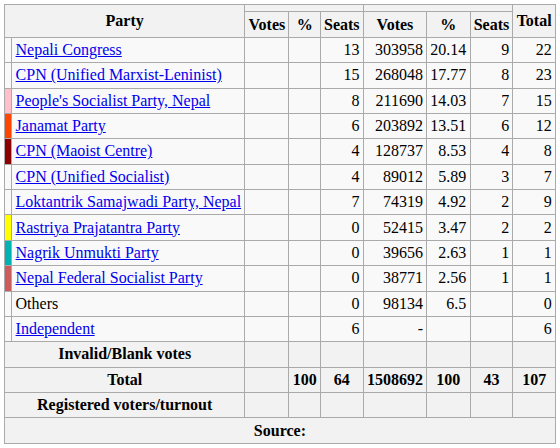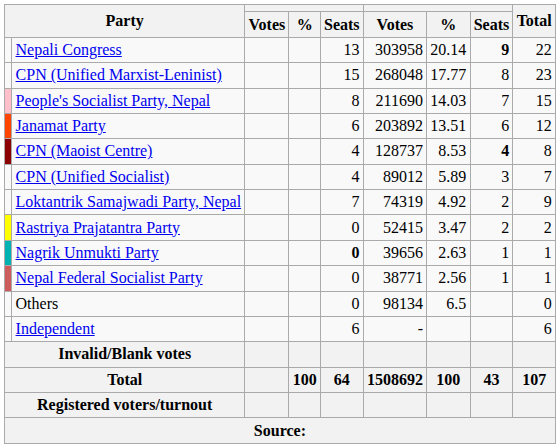 <table class="wikitable" style="text-align:right">
 <tr>
 <th colspan="2" rowspan="2">Party</th>
 <th colspan="3"></th>
 <th colspan="3"></th>
 <th rowspan="2">Total</th>
 </tr>
 <tr>
 <th>Votes</th>
 <th>%</th>
 <th>Seats</th>
 <th>Votes</th>
 <th>%</th>
 <th>Seats</th>
 </tr>
 <tr>
 <td></td>
 <td align="left"><a href='#'>Nepali Congress</a></td>
 <td></td>
 <td></td>
 <td>13</td>
 <td>303958</td>
 <td>20.14</td>
-<td>9</td>
+<td><strong>9</strong></td>
 <td>22</td>
 </tr>
 <tr>
 <td></td>
 <td align="left"><a href='#'>CPN (Unified Marxist-Leninist)</a></td>
 <td></td>
 <td></td>
 <td>15</td>
 <td>268048</td>
 <td>17.77</td>
 <td>8</td>
 <td>23</td>
 </tr>
 <tr>
 <td bgcolor="FFC0CB"></td>
 <td align="left"><a href='#'>People's Socialist Party, Nepal</a></td>
 <td></td>
 <td></td>
 <td>8</td>
 <td>211690</td>
 <td>14.03</td>
 <td>7</td>
 <td>15</td>
 </tr>
 <tr>
 <td bgcolor="orangered"></td>
 <td align="left"><a href='#'>Janamat Party</a></td>
 <td></td>
 <td></td>
 <td>6</td>
 <td>203892</td>
 <td>13.51</td>
 <td>6</td>
 <td>12</td>
 </tr>
 <tr>
 <td bgcolor="8B0000"></td>
 <td align="left"><a href='#'>CPN (Maoist Centre)</a></td>
 <td></td>
 <td></td>
 <td>4</td>
 <td>128737</td>
 <td>8.53</td>
-<td>4</td>
+<td><strong>4</strong></td>
 <td>8</td>
 </tr>
 <tr>
 <td></td>
 <td align="left"><a href='#'>CPN (Unified Socialist)</a></td>
 <td></td>
 <td></td>
 <td>4</td>
 <td>89012</td>
 <td>5.89</td>
 <td>3</td>
 <td>7</td>
 </tr>
 <tr>
 <td></td>
 <td align="left"><a href='#'>Loktantrik Samajwadi Party, Nepal</a></td>
 <td></td>
 <td></td>
 <td>7</td>
 <td>74319</td>
 <td>4.92</td>
 <td>2</td>
 <td>9</td>
 </tr>
 <tr>
 <td bgcolor="yellow"></td>
 <td align="left"><a href='#'>Rastriya Prajatantra Party</a></td>
 <td></td>
 <td></td>
 <td>0</td>
 <td>52415</td>
 <td>3.47</td>
 <td>2</td>
 <td>2</td>
 </tr>
 <tr>
 <td bgcolor="#00B2B2"></td>
 <td align="left"><a href='#'>Nagrik Unmukti Party</a></td>
 <td></td>
 <td></td>
-<td>0</td>
+<td><strong>0</strong></td>
 <td>39656</td>
 <td>2.63</td>
 <td>1</td>
 <td>1</td>
 </tr>
 <tr>
 <td bgcolor="#CD5C5C"></td>
 <td align="left"><a href='#'>Nepal Federal Socialist Party</a></td>
 <td></td>
 <td></td>
 <td>0</td>
 <td>38771</td>
 <td>2.56</td>
 <td>1</td>
 <td>1</td>
 </tr>
 <tr>
 <td></td>
 <td align="left">Others</td>
 <td></td>
 <td></td>
 <td>0</td>
 <td>98134</td>
 <td>6.5</td>
 <td></td>
 <td>0</td>
 </tr>
 <tr>
 <td></td>
 <td align="left"><a href='#'>Independent</a></td>
 <td></td>
 <td></td>
 <td>6</td>
 <td>-</td>
 <td></td>
 <td></td>
 <td>6</td>
 </tr>
 <tr>
 <th colspan="2">Invalid/Blank votes</th>
 <th></th>
 <th></th>
 <th></th>
 <th></th>
 <th></th>
 <th></th>
 <th></th>
 </tr>
 <tr>
 <th colspan="2">Total</th>
 <th></th>
 <th>100</th>
 <th>64</th>
 <th>1508692</th>
 <th>100</th>
 <th>43</th>
 <th>107</th>
 </tr>
 <tr>
 <th colspan="2">Registered voters/turnout</th>
 <th></th>
 <th></th>
 <th></th>
 <th></th>
 <th></th>
 <th></th>
 <th></th>
 </tr>
 <tr>
 <th colspan="9">Source:</th>
 </tr>
 </table>
